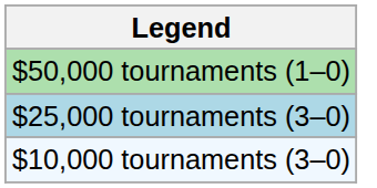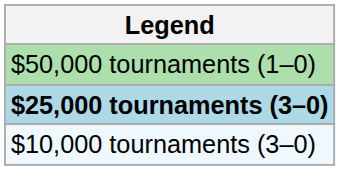 <table class=wikitable style="font-size:85%">
 <tr>
 <th>Legend</th>
 </tr>
 <tr style="background:#addfad;">
 <td>$50,000 tournaments (1–0)</td>
 </tr>
 <tr style="background:lightblue;">
-<td>$25,000 tournaments (3–0)</td>
+<td><strong>$25,000 tournaments (3–0)</strong></td>
 </tr>
 <tr style="background:#f0f8ff;">
 <td>$10,000 tournaments (3–0)</td>
 </tr>
 </table>
